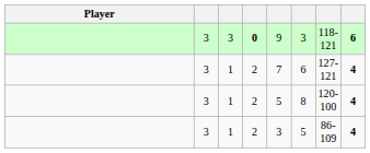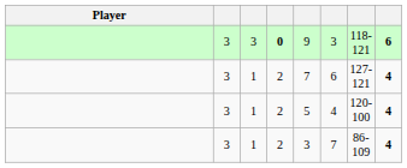 <table class="wikitable" style="text-align: center; font-size:90% ">
 <tr>
 <th width=240>Player</th>
 <th width=25></th>
 <th width=25></th>
 <th width=25></th>
 <th width=25></th>
 <th width=25></th>
 <th width=25></th>
 <th width=25></th>
 </tr>
 <tr bgcolor="ccffcc">
 <td align=left></td>
 <td>3</td>
 <td>3</td>
 <td><strong>0</strong></td>
 <td>9</td>
 <td>3</td>
 <td>118-121</td>
 <td><strong>6</strong></td>
 </tr>
 <tr>
 <td align=left></td>
 <td>3</td>
 <td>1</td>
 <td>2</td>
 <td>7</td>
 <td>6</td>
 <td>127-121</td>
 <td><strong>4</strong></td>
 </tr>
 <tr>
 <td align=left></td>
 <td>3</td>
 <td>1</td>
 <td>2</td>
 <td>5</td>
-<td>8</td>
+<td>4</td>
 <td>120-100</td>
 <td><strong>4</strong></td>
 </tr>
 <tr>
 <td align=left></td>
 <td>3</td>
 <td>1</td>
 <td>2</td>
 <td>3</td>
-<td>5</td>
+<td>7</td>
 <td>86-109</td>
 <td><strong>4</strong></td>
 </tr>
 </table>
